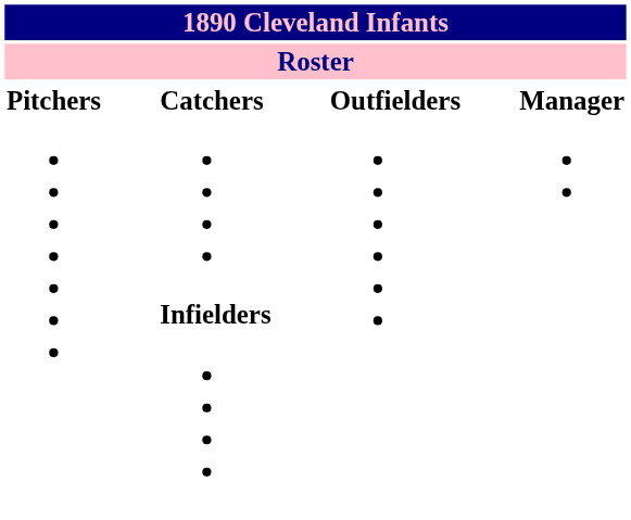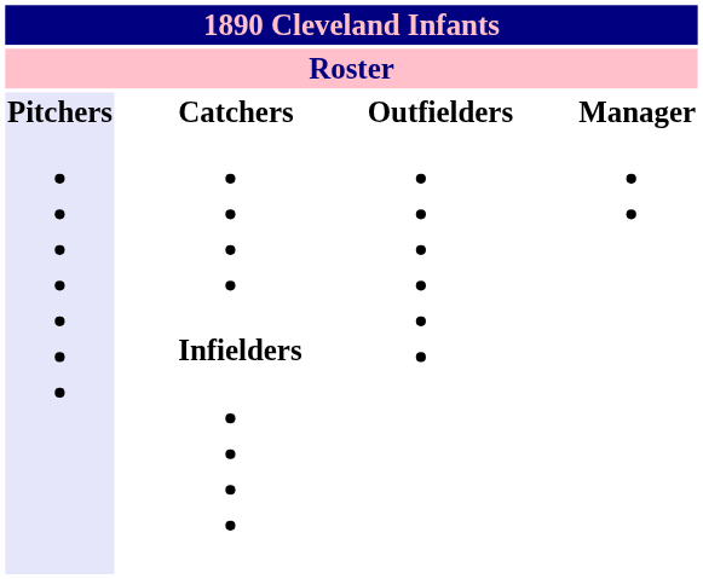 <table class="toccolours" style="font-size: 95%;">
 <tr>
 <th colspan="10" style="background-color: navy; color: pink; text-align: center;">1890 Cleveland Infants</th>
 </tr>
 <tr>
 <td colspan="10" style="background-color: pink; color: navy; text-align: center;"><strong>Roster</strong></td>
 </tr>
 <tr>
-<td valign="top"><strong>Pitchers</strong><br><ul><li></li><li></li><li></li><li></li><li></li><li></li><li></li></ul></td>
+<td valign="top" style="background: lavender;"><strong>Pitchers</strong><br><ul><li></li><li></li><li></li><li></li><li></li><li></li><li></li></ul></td>
 <td width="25px"></td>
 <td valign="top"><strong>Catchers</strong><br><ul><li></li><li></li><li></li><li></li></ul><strong>Infielders</strong><ul><li></li><li></li><li></li><li></li></ul></td>
 <td width="25px"></td>
 <td valign="top"><strong>Outfielders</strong><br><ul><li></li><li></li><li></li><li></li><li></li><li></li></ul></td>
 <td width="25px"></td>
 <td valign="top"><strong>Manager</strong><br><ul><li></li><li></li></ul></td>
 </tr>
 </table>
